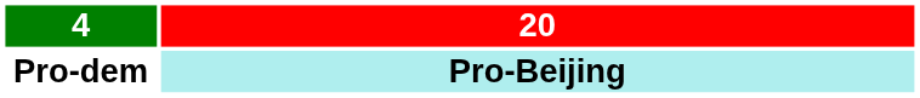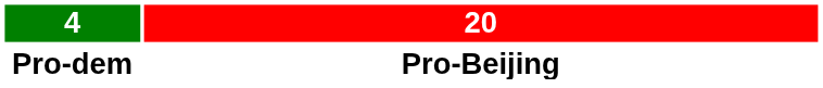 <table style="width:50%; text-align:center;">
 <tr style="color:white;">
 <td style="background:green; width:16.67%;"><strong>4</strong></td>
 <td style="background:red; width:83.33%;"><strong>20</strong></td>
 </tr>
 <tr>
 <td><span><strong>Pro-dem</strong></span></td>
-<td style="background: paleturquoise;"><span><strong>Pro-Beijing</strong></span></td>
+<td><span><strong>Pro-Beijing</strong></span></td>
 </tr>
 </table>
